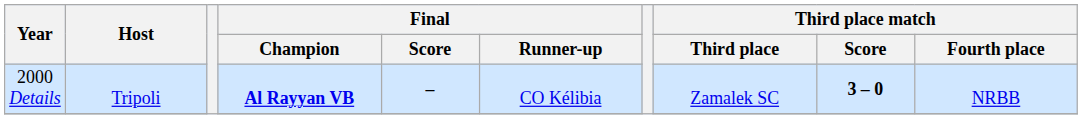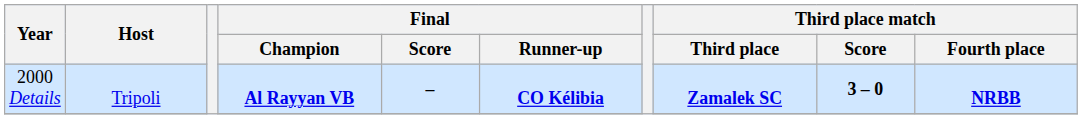 <table class="wikitable" style="font-size:90%; width: 98%; text-align: center;">
 <tr bgcolor=#C1D8FF>
 <th rowspan=2 width=5%>Year</th>
 <th rowspan=2 width=13%>Host</th>
 <th width=1% rowspan=33 bgcolor=ffffff></th>
 <th colspan=3>Final</th>
 <th width=1% rowspan=33 bgcolor=ffffff></th>
 <th colspan=3>Third place match</th>
 </tr>
 <tr bgcolor=#EFEFEF>
 <th width=15%>Champion</th>
 <th width=9%>Score</th>
 <th width=15%>Runner-up</th>
 <th width=15%>Third place</th>
 <th width=9%>Score</th>
 <th width=15%>Fourth place</th>
 </tr>
 <tr bgcolor=#D0E7FF>
 <td>2000 <br><em><a href='#'>Details</a></em></td>
 <td><br><a href='#'>Tripoli</a></td>
 <td><br><strong><a href='#'>Al Rayyan VB</a></strong> </td>
 <td><strong> – </strong></td>
-<td><br> <a href='#'>CO Kélibia</a></td>
-<td><br><a href='#'>Zamalek SC</a></td>
+<td><strong><br> <a href='#'>CO Kélibia</a></strong></td>
+<td><strong><br><a href='#'>Zamalek SC</a></strong></td>
 <td><strong>3 – 0 </strong></td>
-<td><br><a href='#'>NRBB</a></td>
+<td><strong><br><a href='#'>NRBB</a></strong></td>
 </tr>
 <tr>
 </tr>
 </table>
